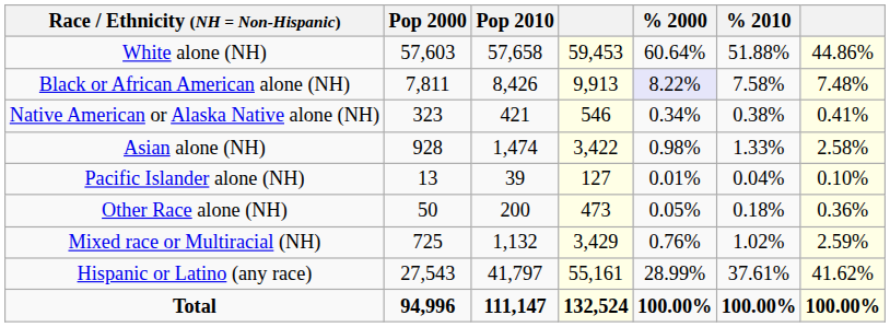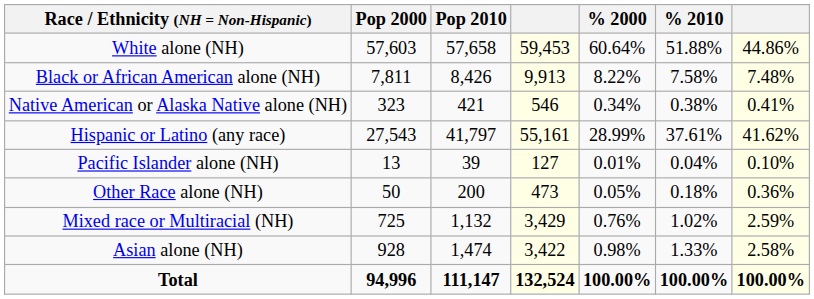 <table class="wikitable" style="text-align:center;">
 <tr>
 <th>Race / Ethnicity <small>(<em>NH = Non-Hispanic</em>)</small></th>
 <th>Pop 2000</th>
 <th>Pop 2010</th>
 <th></th>
 <th>% 2000</th>
 <th>% 2010</th>
 <th></th>
 </tr>
 <tr>
 <td><a href='#'>White</a> alone (NH)</td>
 <td>57,603</td>
 <td>57,658</td>
 <td style='background: #ffffe6;'>59,453</td>
 <td>60.64%</td>
 <td>51.88%</td>
 <td style='background: #ffffe6;'>44.86%</td>
 </tr>
 <tr>
 <td><a href='#'>Black or African American</a> alone (NH)</td>
 <td>7,811</td>
 <td>8,426</td>
 <td style='background: #ffffe6;'>9,913</td>
-<td style="background: lavender;">8.22%</td>
+<td>8.22%</td>
 <td>7.58%</td>
 <td style='background: #ffffe6;'>7.48%</td>
 </tr>
 <tr>
 <td><a href='#'>Native American</a> or <a href='#'>Alaska Native</a> alone (NH)</td>
 <td>323</td>
 <td>421</td>
 <td style='background: #ffffe6;'>546</td>
 <td>0.34%</td>
 <td>0.38%</td>
 <td style='background: #ffffe6;'>0.41%</td>
 </tr>
 <tr>
-<td><a href='#'>Asian</a> alone (NH)</td>
-<td>928</td>
-<td>1,474</td>
-<td style='background: #ffffe6;'>3,422</td>
-<td>0.98%</td>
-<td>1.33%</td>
-<td style='background: #ffffe6;'>2.58%</td>
+<td><a href='#'>Hispanic or Latino</a> (any race)</td>
+<td>27,543</td>
+<td>41,797</td>
+<td style='background: #ffffe6;'>55,161</td>
+<td>28.99%</td>
+<td>37.61%</td>
+<td style='background: #ffffe6;'>41.62%</td>
 </tr>
 <tr>
 <td><a href='#'>Pacific Islander</a> alone (NH)</td>
 <td>13</td>
 <td>39</td>
 <td style='background: #ffffe6;'>127</td>
 <td>0.01%</td>
 <td>0.04%</td>
 <td style='background: #ffffe6;'>0.10%</td>
 </tr>
 <tr>
 <td><a href='#'>Other Race</a> alone (NH)</td>
 <td>50</td>
 <td>200</td>
 <td style='background: #ffffe6;'>473</td>
 <td>0.05%</td>
 <td>0.18%</td>
 <td style='background: #ffffe6;'>0.36%</td>
 </tr>
 <tr>
 <td><a href='#'>Mixed race or Multiracial</a> (NH)</td>
 <td>725</td>
 <td>1,132</td>
 <td style='background: #ffffe6;'>3,429</td>
 <td>0.76%</td>
 <td>1.02%</td>
 <td style='background: #ffffe6;'>2.59%</td>
 </tr>
 <tr>
-<td><a href='#'>Hispanic or Latino</a> (any race)</td>
-<td>27,543</td>
-<td>41,797</td>
-<td style='background: #ffffe6;'>55,161</td>
-<td>28.99%</td>
-<td>37.61%</td>
-<td style='background: #ffffe6;'>41.62%</td>
+<td><a href='#'>Asian</a> alone (NH)</td>
+<td>928</td>
+<td>1,474</td>
+<td style='background: #ffffe6;'>3,422</td>
+<td>0.98%</td>
+<td>1.33%</td>
+<td style='background: #ffffe6;'>2.58%</td>
 </tr>
 <tr>
 <td><strong>Total</strong></td>
 <td><strong>94,996</strong></td>
 <td><strong>111,147</strong></td>
 <td style='background: #ffffe6;'><strong>132,524</strong></td>
 <td><strong>100.00%</strong></td>
 <td><strong>100.00%</strong></td>
 <td style='background: #ffffe6;'><strong>100.00%</strong></td>
 </tr>
 </table>
